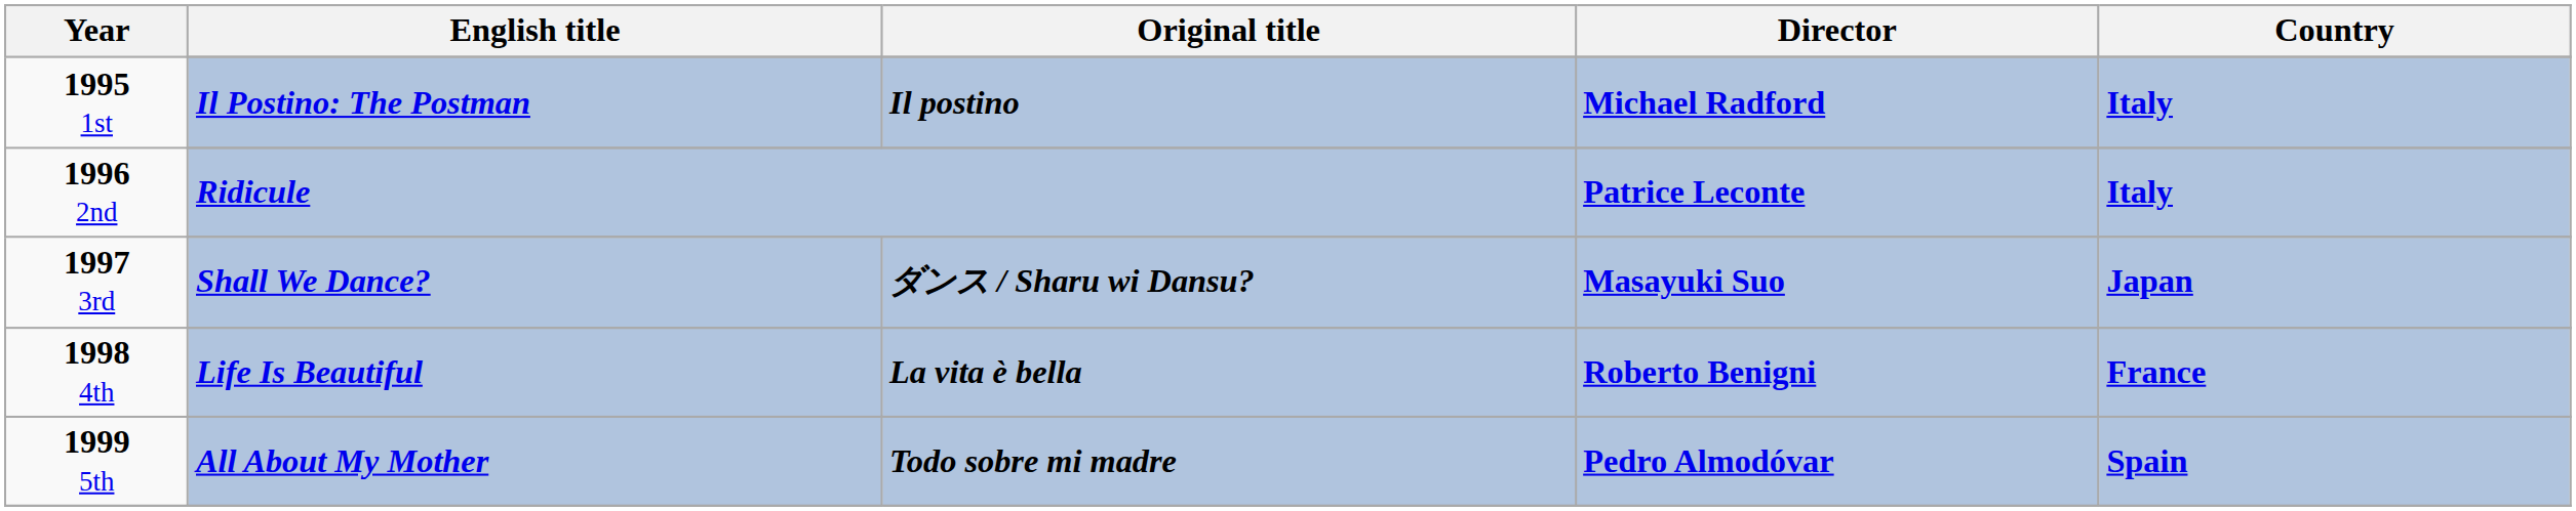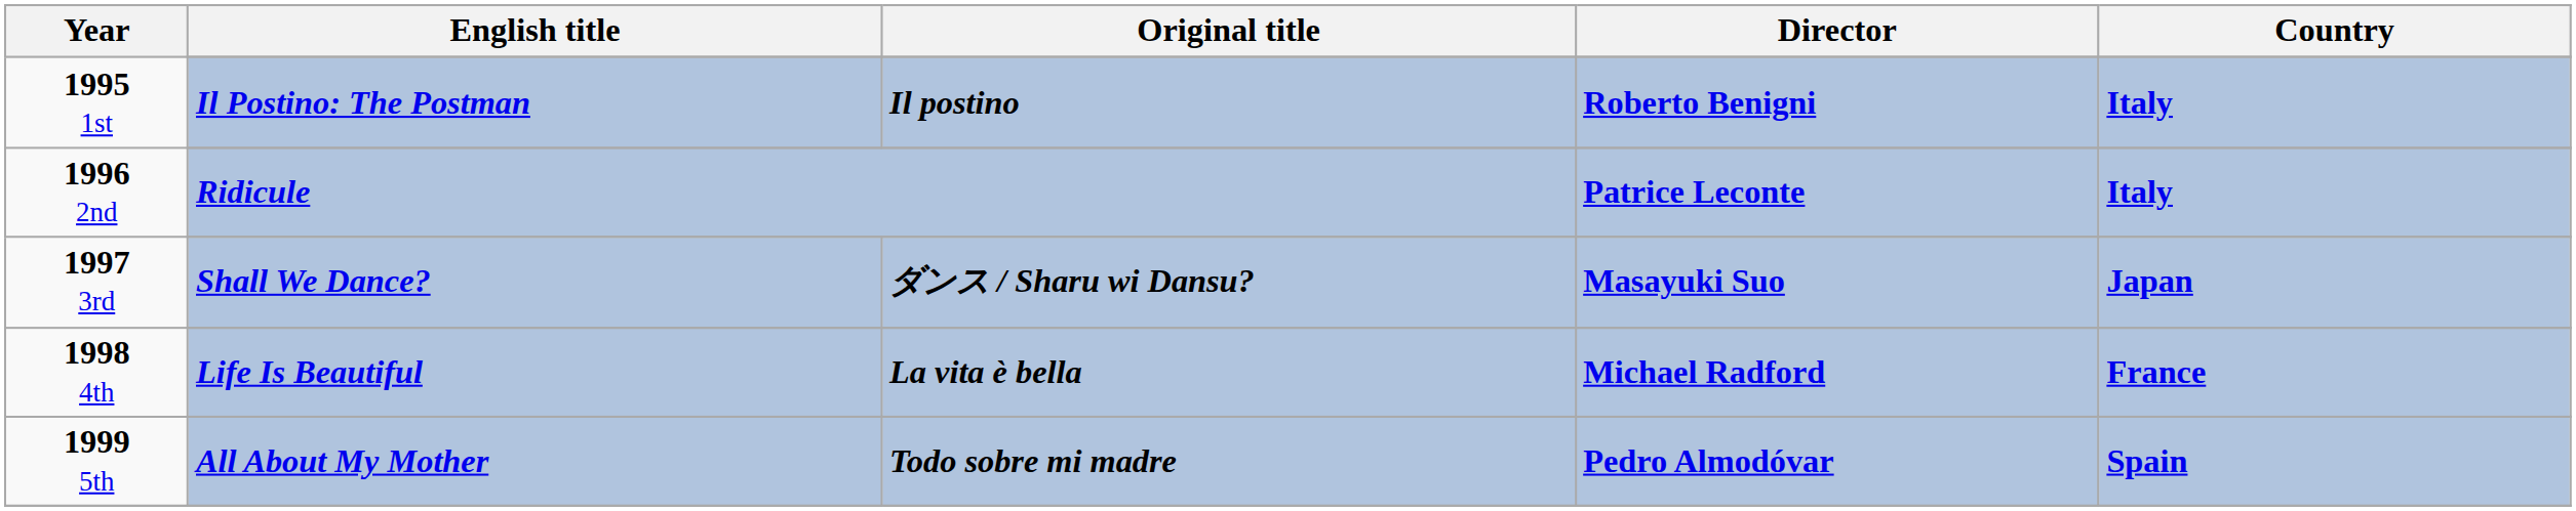 <table class="wikitable" style="width:98%;">
 <tr style="background:#bebebe;">
 <th style="width:7%;">Year</th>
 <th style="width:26.5%;">English title</th>
 <th style="width:26.5%;">Original title</th>
 <th style="width:20%;">Director</th>
 <th style="width:18%;">Country</th>
 </tr>
 <tr>
 <td rowspan=2 style="text-align:center"><strong>1995</strong><br><small><a href='#'>1st</a></small></td>
 </tr>
 <tr style="background:#B0C4DE;">
 <td><strong><em><a href='#'>Il Postino: The Postman</a></em></strong></td>
 <td><strong><em>Il postino</em></strong></td>
-<td><strong><a href='#'>Michael Radford</a></strong></td>
+<td><strong><a href='#'>Roberto Benigni</a></strong></td>
 <td><strong><a href='#'>Italy</a></strong></td>
 </tr>
 <tr>
 <td rowspan=2 style="text-align:center"><strong>1996</strong><br><small><a href='#'>2nd</a></small></td>
 </tr>
 <tr style="background:#B0C4DE;">
 <td colspan="2"><strong><em><a href='#'>Ridicule</a></em></strong></td>
 <td><strong><a href='#'>Patrice Leconte</a></strong></td>
 <td><strong><a href='#'>Italy</a></strong></td>
 </tr>
 <tr>
 <td rowspan=2 style="text-align:center"><strong>1997</strong><br><small><a href='#'>3rd</a></small></td>
 </tr>
 <tr style="background:#B0C4DE;">
 <td><strong><em><a href='#'>Shall We Dance?</a></em></strong></td>
 <td><strong><em>ダンス<em> / </em>Sharu wi Dansu?</em></strong></td>
 <td><strong><a href='#'>Masayuki Suo</a></strong></td>
 <td><strong><a href='#'>Japan</a></strong></td>
 </tr>
 <tr>
 <td rowspan=2 style="text-align:center"><strong>1998</strong><br><small><a href='#'>4th</a></small></td>
 </tr>
 <tr style="background:#B0C4DE;">
 <td><strong><em><a href='#'>Life Is Beautiful</a></em></strong></td>
 <td><strong><em>La vita è bella</em></strong></td>
-<td><strong><a href='#'>Roberto Benigni</a></strong></td>
+<td><strong><a href='#'>Michael Radford</a></strong></td>
 <td><strong><a href='#'>France</a></strong></td>
 </tr>
 <tr>
 <td rowspan=2 style="text-align:center"><strong>1999</strong><br><small><a href='#'>5th</a></small></td>
 </tr>
 <tr style="background:#B0C4DE;">
 <td><strong><em><a href='#'>All About My Mother</a></em></strong></td>
 <td><strong><em>Todo sobre mi madre</em></strong></td>
 <td><strong><a href='#'>Pedro Almodóvar</a></strong></td>
 <td><strong><a href='#'>Spain</a></strong></td>
 </tr>
 <tr>
 </tr>
 </table>
